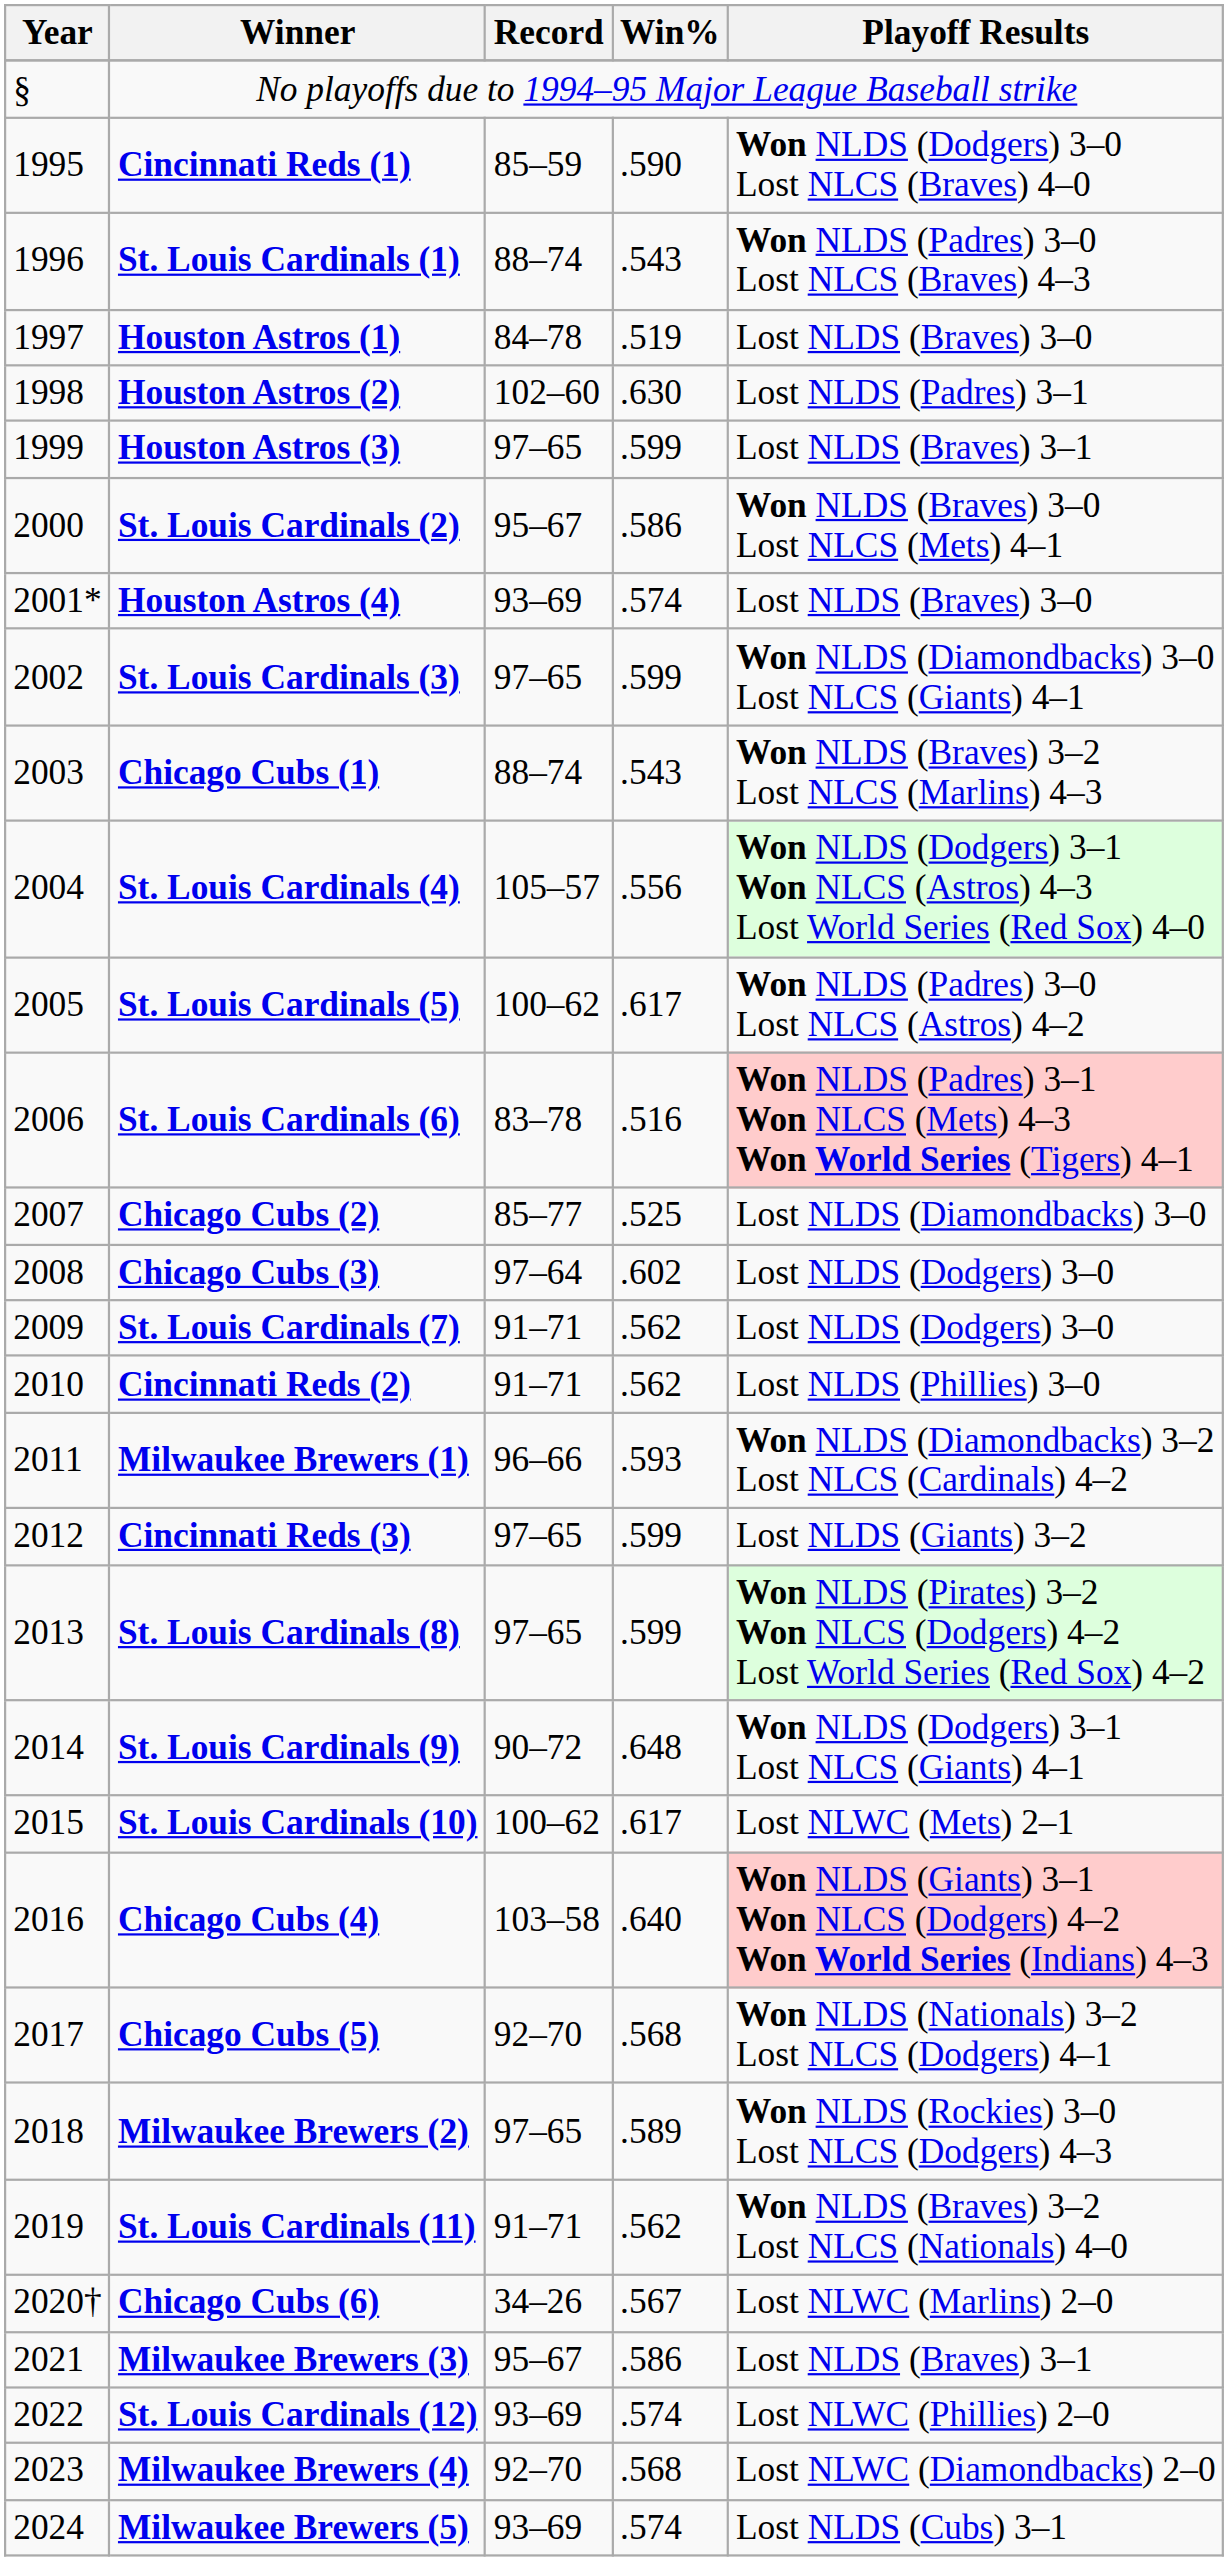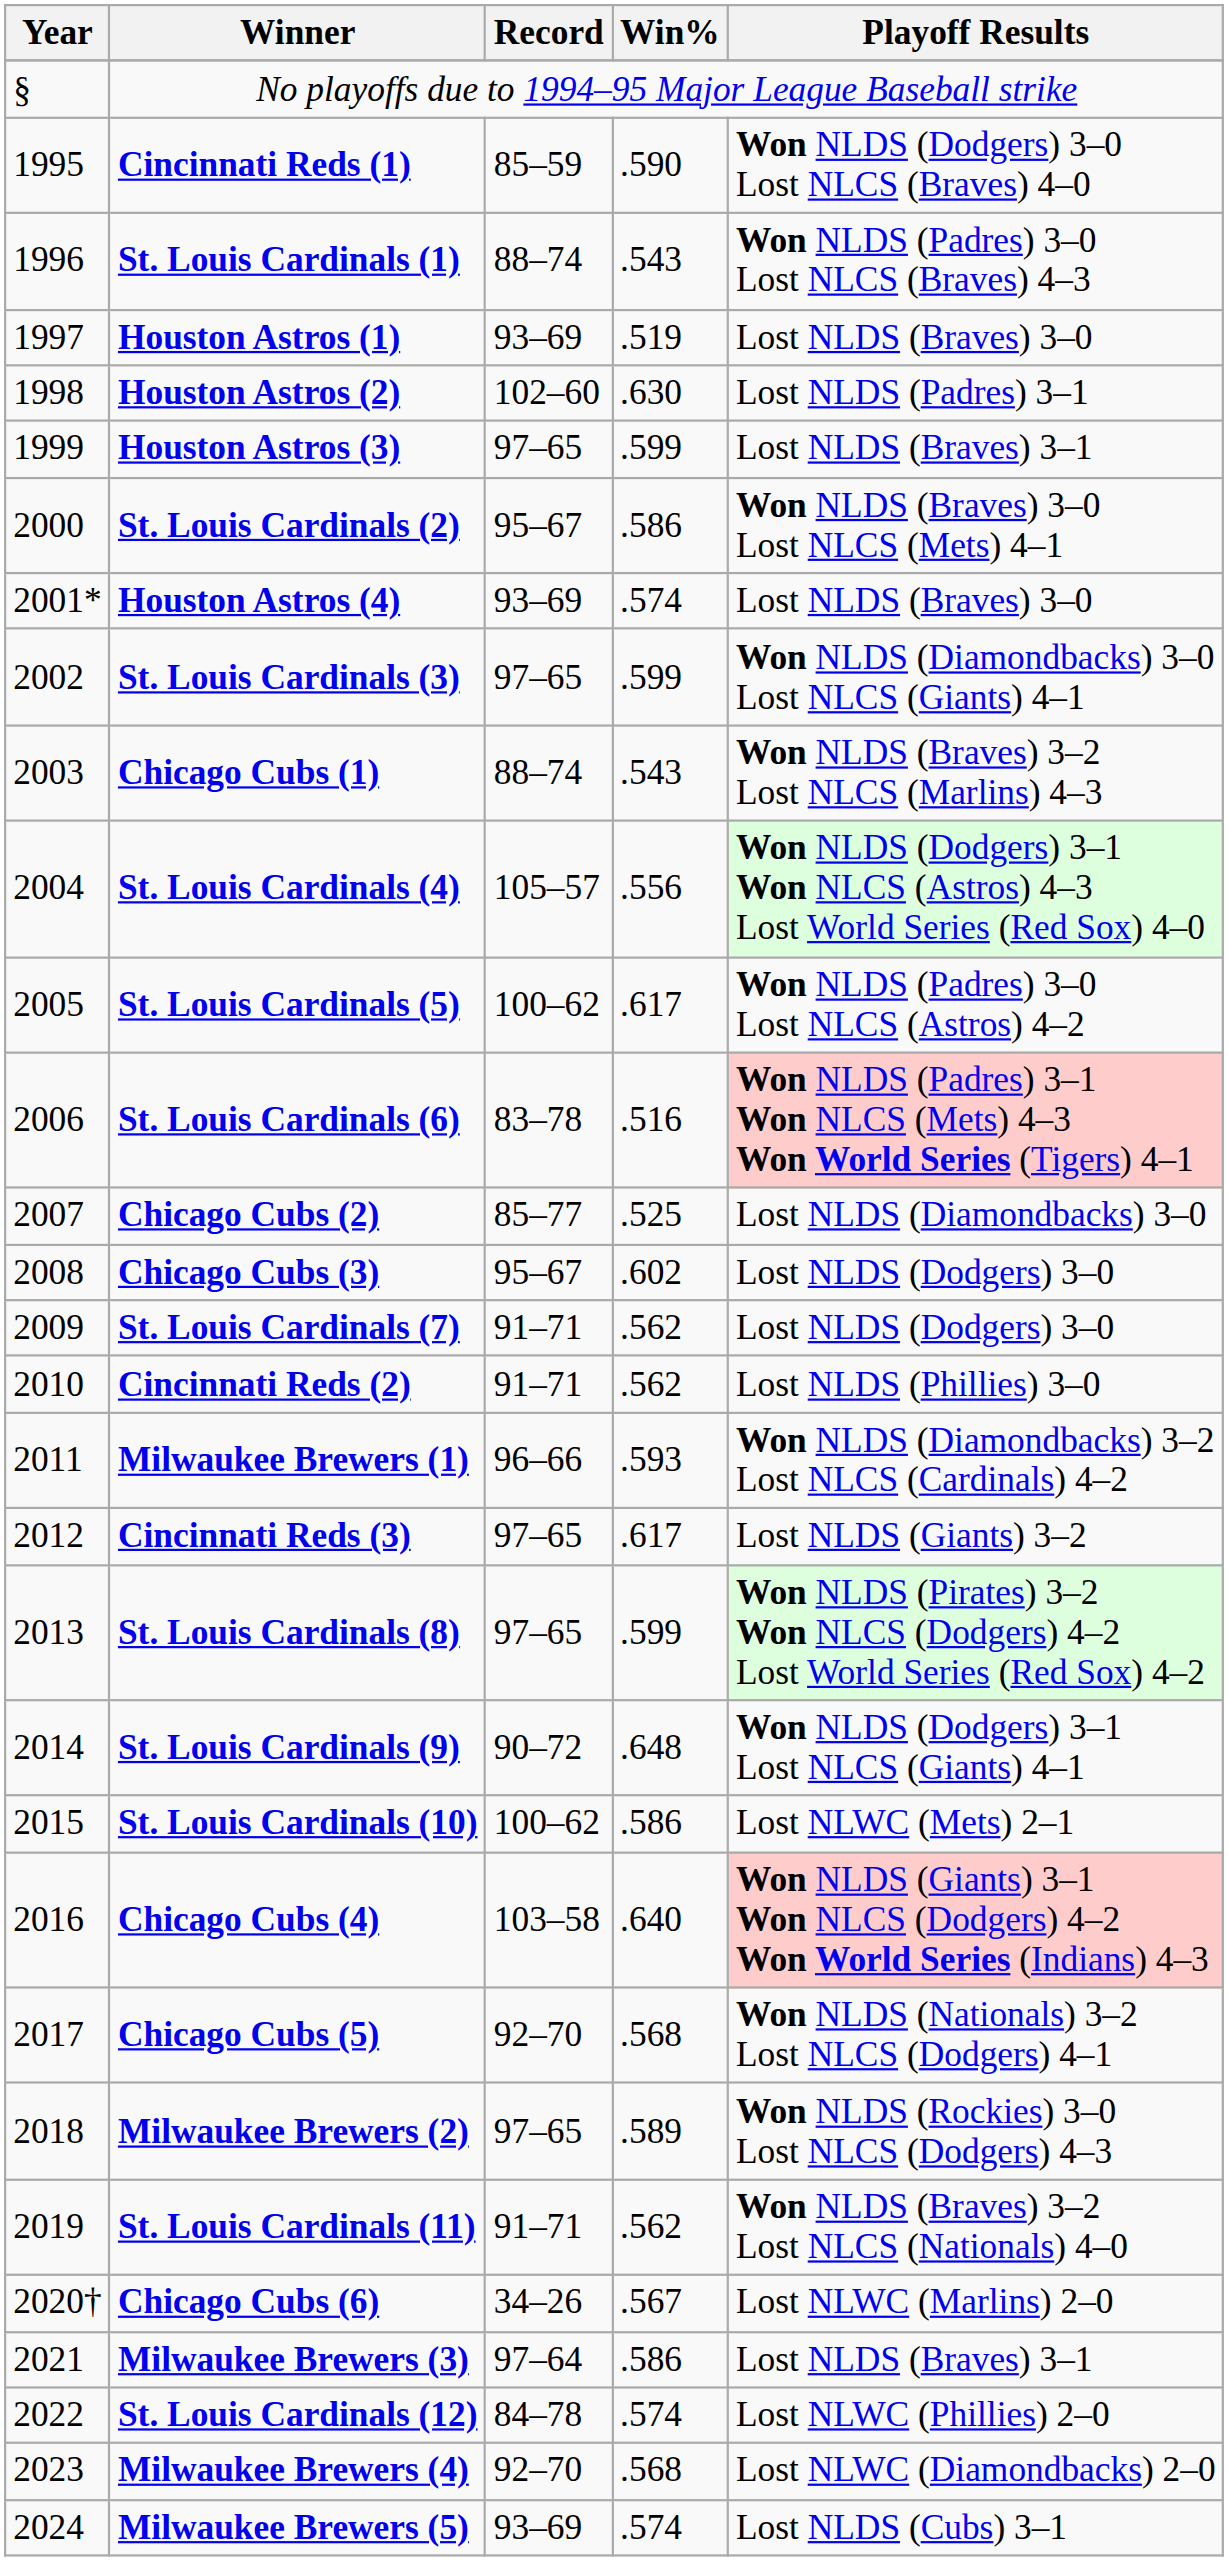 <table class="wikitable">
 <tr>
 <th>Year</th>
 <th>Winner</th>
 <th>Record</th>
 <th>Win%</th>
 <th>Playoff Results</th>
 </tr>
 <tr>
 </tr>
 <tr>
 <td>§</td>
 <td colspan=4 align=center><em>No playoffs due to <a href='#'>1994–95 Major League Baseball strike</a></em></td>
 </tr>
 <tr>
 <td>1995</td>
 <td><strong><a href='#'><span>Cincinnati Reds (1)</span></a></strong></td>
 <td>85–59</td>
 <td>.590</td>
 <td><strong>Won</strong> <a href='#'>NLDS</a> (<a href='#'>Dodgers</a>) 3–0<br>Lost <a href='#'>NLCS</a> (<a href='#'>Braves</a>) 4–0</td>
 </tr>
 <tr>
 <td>1996</td>
 <td><strong><a href='#'><span>St. Louis Cardinals (1)</span></a></strong></td>
 <td>88–74</td>
 <td>.543</td>
 <td><strong>Won</strong> <a href='#'>NLDS</a> (<a href='#'>Padres</a>) 3–0<br>Lost <a href='#'>NLCS</a> (<a href='#'>Braves</a>) 4–3</td>
 </tr>
 <tr>
 <td>1997</td>
 <td><strong><a href='#'><span>Houston Astros (1)</span></a></strong></td>
-<td>84–78</td>
+<td>93–69</td>
 <td>.519</td>
 <td>Lost <a href='#'>NLDS</a> (<a href='#'>Braves</a>) 3–0</td>
 </tr>
 <tr>
 <td>1998</td>
 <td><strong><a href='#'><span>Houston Astros (2)</span></a></strong></td>
 <td>102–60</td>
 <td>.630</td>
 <td>Lost <a href='#'>NLDS</a> (<a href='#'>Padres</a>) 3–1</td>
 </tr>
 <tr>
 <td>1999</td>
 <td><strong><a href='#'><span>Houston Astros (3)</span></a></strong></td>
 <td>97–65</td>
 <td>.599</td>
 <td>Lost <a href='#'>NLDS</a> (<a href='#'>Braves</a>) 3–1</td>
 </tr>
 <tr>
 <td>2000</td>
 <td><strong><a href='#'><span>St. Louis Cardinals (2)</span></a></strong></td>
 <td>95–67</td>
 <td>.586</td>
 <td><strong>Won</strong> <a href='#'>NLDS</a> (<a href='#'>Braves</a>) 3–0<br>Lost <a href='#'>NLCS</a> (<a href='#'>Mets</a>) 4–1</td>
 </tr>
 <tr>
 <td>2001*</td>
 <td><strong><a href='#'><span>Houston Astros (4)</span></a></strong></td>
 <td>93–69</td>
 <td>.574</td>
 <td>Lost  <a href='#'>NLDS</a> (<a href='#'>Braves</a>) 3–0</td>
 </tr>
 <tr>
 <td>2002</td>
 <td><strong><a href='#'><span>St. Louis Cardinals (3)</span></a></strong></td>
 <td>97–65</td>
 <td>.599</td>
 <td><strong>Won</strong> <a href='#'>NLDS</a> (<a href='#'>Diamondbacks</a>) 3–0<br>Lost <a href='#'>NLCS</a> (<a href='#'>Giants</a>) 4–1</td>
 </tr>
 <tr>
 <td>2003</td>
 <td><strong><a href='#'><span>Chicago Cubs (1)</span></a></strong></td>
 <td>88–74</td>
 <td>.543</td>
 <td><strong>Won</strong> <a href='#'>NLDS</a> (<a href='#'>Braves</a>) 3–2<br>Lost <a href='#'>NLCS</a> (<a href='#'>Marlins</a>) 4–3</td>
 </tr>
 <tr>
 <td>2004</td>
 <td><strong><a href='#'><span>St. Louis Cardinals (4)</span></a></strong></td>
 <td>105–57</td>
 <td>.556</td>
 <td bgcolor="#ddffdd"><strong>Won</strong> <a href='#'>NLDS</a> (<a href='#'>Dodgers</a>) 3–1<br><strong>Won</strong> <a href='#'>NLCS</a> (<a href='#'>Astros</a>) 4–3<br>Lost <a href='#'>World Series</a> (<a href='#'>Red Sox</a>) 4–0</td>
 </tr>
 <tr>
 <td>2005</td>
 <td><strong><a href='#'><span>St. Louis Cardinals (5)</span></a></strong></td>
 <td>100–62</td>
 <td>.617</td>
 <td><strong>Won</strong> <a href='#'>NLDS</a> (<a href='#'>Padres</a>) 3–0<br>Lost <a href='#'>NLCS</a> (<a href='#'>Astros</a>) 4–2</td>
 </tr>
 <tr>
 <td>2006</td>
 <td><strong><a href='#'><span>St. Louis Cardinals (6)</span></a></strong></td>
 <td>83–78</td>
 <td>.516</td>
 <td bgcolor="#ffcccc"><strong>Won</strong> <a href='#'>NLDS</a> (<a href='#'>Padres</a>) 3–1<br><strong>Won</strong> <a href='#'>NLCS</a> (<a href='#'>Mets</a>) 4–3<br><strong>Won <a href='#'>World Series</a></strong> (<a href='#'>Tigers</a>) 4–1</td>
 </tr>
 <tr>
 <td>2007</td>
 <td><strong><a href='#'><span>Chicago Cubs (2)</span></a></strong></td>
 <td>85–77</td>
 <td>.525</td>
 <td>Lost <a href='#'>NLDS</a> (<a href='#'>Diamondbacks</a>) 3–0</td>
 </tr>
 <tr>
 <td>2008</td>
 <td><strong><a href='#'><span>Chicago Cubs (3)</span></a></strong></td>
-<td>97–64</td>
+<td>95–67</td>
 <td>.602</td>
 <td>Lost <a href='#'>NLDS</a> (<a href='#'>Dodgers</a>) 3–0</td>
 </tr>
 <tr>
 <td>2009</td>
 <td><strong><a href='#'><span>St. Louis Cardinals (7)</span></a></strong></td>
 <td>91–71</td>
 <td>.562</td>
 <td>Lost <a href='#'>NLDS</a> (<a href='#'>Dodgers</a>) 3–0</td>
 </tr>
 <tr>
 <td>2010</td>
 <td><strong><a href='#'><span>Cincinnati Reds (2)</span></a></strong></td>
 <td>91–71</td>
 <td>.562</td>
 <td>Lost <a href='#'>NLDS</a> (<a href='#'>Phillies</a>) 3–0</td>
 </tr>
 <tr>
 <td>2011</td>
 <td><strong><a href='#'><span>Milwaukee Brewers (1)</span></a></strong></td>
 <td>96–66</td>
 <td>.593</td>
 <td><strong>Won</strong> <a href='#'>NLDS</a> (<a href='#'>Diamondbacks</a>) 3–2<br>Lost <a href='#'>NLCS</a> (<a href='#'>Cardinals</a>) 4–2</td>
 </tr>
 <tr>
 <td>2012</td>
 <td><strong><a href='#'><span>Cincinnati Reds (3)</span></a></strong></td>
 <td>97–65</td>
-<td>.599</td>
+<td>.617</td>
 <td>Lost <a href='#'>NLDS</a> (<a href='#'>Giants</a>) 3–2</td>
 </tr>
 <tr>
 <td>2013</td>
 <td><strong><a href='#'><span>St. Louis Cardinals (8)</span></a></strong></td>
 <td>97–65</td>
 <td>.599</td>
 <td bgcolor="#ddffdd"><strong>Won</strong> <a href='#'>NLDS</a> (<a href='#'>Pirates</a>) 3–2<br><strong>Won</strong> <a href='#'>NLCS</a> (<a href='#'>Dodgers</a>) 4–2<br>Lost <a href='#'>World Series</a> (<a href='#'>Red Sox</a>) 4–2</td>
 </tr>
 <tr>
 <td>2014</td>
 <td><strong><a href='#'><span>St. Louis Cardinals (9)</span></a></strong></td>
 <td>90–72</td>
 <td>.648</td>
 <td><strong>Won</strong> <a href='#'>NLDS</a> (<a href='#'>Dodgers</a>) 3–1<br>Lost <a href='#'>NLCS</a> (<a href='#'>Giants</a>) 4–1</td>
 </tr>
 <tr>
 <td>2015</td>
 <td><strong><a href='#'><span>St. Louis Cardinals (10)</span></a></strong></td>
 <td>100–62</td>
-<td>.617</td>
+<td>.586</td>
 <td>Lost <a href='#'>NLWC</a> (<a href='#'>Mets</a>) 2–1</td>
 </tr>
 <tr>
 <td>2016</td>
 <td><strong><a href='#'><span>Chicago Cubs (4)</span></a></strong></td>
 <td>103–58</td>
 <td>.640</td>
 <td bgcolor="#ffcccc"><strong>Won</strong> <a href='#'>NLDS</a> (<a href='#'>Giants</a>) 3–1<br><strong>Won</strong> <a href='#'>NLCS</a> (<a href='#'>Dodgers</a>) 4–2<br><strong>Won <a href='#'>World Series</a></strong> (<a href='#'>Indians</a>) 4–3</td>
 </tr>
 <tr>
 <td>2017</td>
 <td><strong><a href='#'><span>Chicago Cubs (5)</span></a></strong></td>
 <td>92–70</td>
 <td>.568</td>
 <td><strong>Won</strong> <a href='#'>NLDS</a> (<a href='#'>Nationals</a>) 3–2<br>Lost <a href='#'>NLCS</a> (<a href='#'>Dodgers</a>) 4–1</td>
 </tr>
 <tr>
 <td>2018</td>
 <td><strong><a href='#'><span>Milwaukee Brewers (2)</span></a></strong></td>
 <td>97–65</td>
 <td>.589</td>
 <td><strong>Won</strong> <a href='#'>NLDS</a> (<a href='#'>Rockies</a>) 3–0<br>Lost <a href='#'>NLCS</a> (<a href='#'>Dodgers</a>) 4–3</td>
 </tr>
 <tr>
 <td>2019</td>
 <td><strong><a href='#'><span>St. Louis Cardinals (11)</span></a></strong></td>
 <td>91–71</td>
 <td>.562</td>
 <td><strong>Won</strong> <a href='#'>NLDS</a> (<a href='#'>Braves</a>) 3–2<br>Lost <a href='#'>NLCS</a> (<a href='#'>Nationals</a>) 4–0</td>
 </tr>
 <tr>
 <td>2020†</td>
 <td><strong><a href='#'><span>Chicago Cubs (6)</span></a></strong></td>
 <td>34–26</td>
 <td>.567</td>
 <td>Lost <a href='#'>NLWC</a> (<a href='#'>Marlins</a>) 2–0</td>
 </tr>
 <tr>
 <td>2021</td>
 <td><strong><a href='#'><span>Milwaukee Brewers (3)</span></a></strong></td>
-<td>95–67</td>
+<td>97–64</td>
 <td>.586</td>
 <td>Lost <a href='#'>NLDS</a> (<a href='#'>Braves</a>) 3–1</td>
 </tr>
 <tr>
 <td>2022</td>
 <td><strong><a href='#'><span>St. Louis Cardinals (12)</span></a></strong></td>
-<td>93–69</td>
+<td>84–78</td>
 <td>.574</td>
 <td>Lost <a href='#'>NLWC</a> (<a href='#'>Phillies</a>) 2–0</td>
 </tr>
 <tr>
 <td>2023</td>
 <td><strong><a href='#'><span>Milwaukee Brewers (4)</span></a></strong></td>
 <td>92–70</td>
 <td>.568</td>
 <td>Lost <a href='#'>NLWC</a> (<a href='#'>Diamondbacks</a>) 2–0</td>
 </tr>
 <tr>
 <td>2024</td>
 <td><strong><a href='#'><span>Milwaukee Brewers (5)</span></a></strong></td>
 <td>93–69</td>
 <td>.574</td>
 <td>Lost <a href='#'>NLDS</a> (<a href='#'>Cubs</a>) 3–1</td>
 </tr>
 </table>
